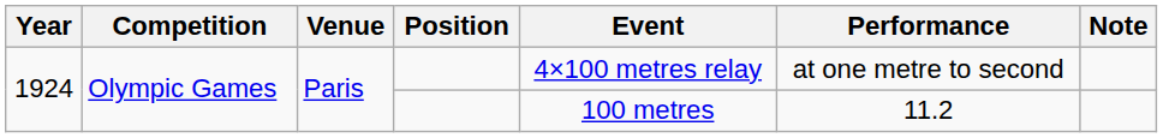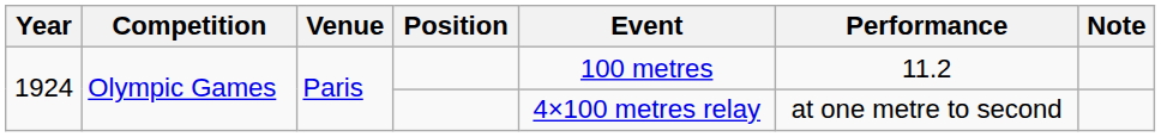 <table class="wikitable" width=55% style="font-size:100%; text-align:center;">
 <tr>
 <th>Year</th>
 <th>Competition</th>
 <th>Venue</th>
 <th>Position</th>
 <th>Event</th>
 <th>Performance</th>
 <th>Note</th>
 </tr>
 <tr>
 <td rowspan=2>1924</td>
 <td rowspan=2 align=left><a href='#'>Olympic Games</a></td>
 <td rowspan=2 align=left> <a href='#'>Paris</a></td>
 <td></td>
+<td><a href='#'>100 metres</a></td>
+<td>11.2</td>
+<td></td>
+</tr>
+<tr>
+<td></td>
 <td><a href='#'>4×100 metres relay</a></td>
 <td>at one metre to second</td>
 <td></td>
 </tr>
-<tr>
-<td></td>
-<td><a href='#'>100 metres</a></td>
-<td>11.2</td>
-<td></td>
-</tr>
 </table>
